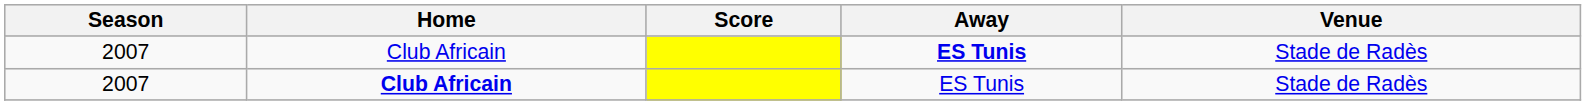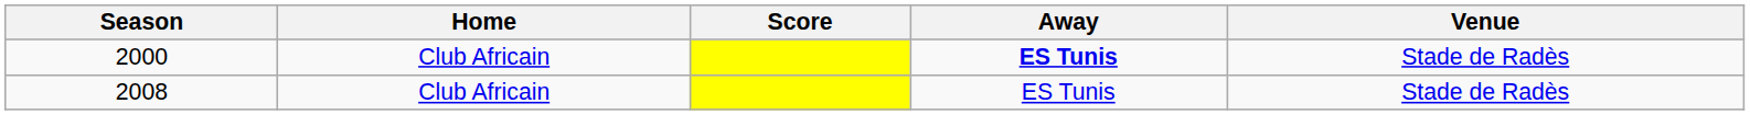 <table class="wikitable sortable alternance" style="font-size:85%; text-align:center; line-height:14px;" width=80%>
 <tr>
 <th>Season</th>
 <th>Home</th>
 <th>Score</th>
 <th>Away</th>
 <th>Venue</th>
 </tr>
 <tr>
-<td>2007</td>
+<td>2000</td>
 <td align="center"><a href='#'>Club Africain</a></td>
 <td bgcolor="yellow"></td>
 <td align="center"><strong><a href='#'>ES Tunis</a></strong></td>
 <td><a href='#'>Stade de Radès</a></td>
 </tr>
 <tr>
-<td>2007</td>
-<td align="center"><strong><a href='#'>Club Africain</a></strong></td>
+<td>2008</td>
+<td align="center"><a href='#'>Club Africain</a></td>
 <td bgcolor="yellow"></td>
 <td align="center"><a href='#'>ES Tunis</a></td>
 <td><a href='#'>Stade de Radès</a></td>
 </tr>
 </table>
